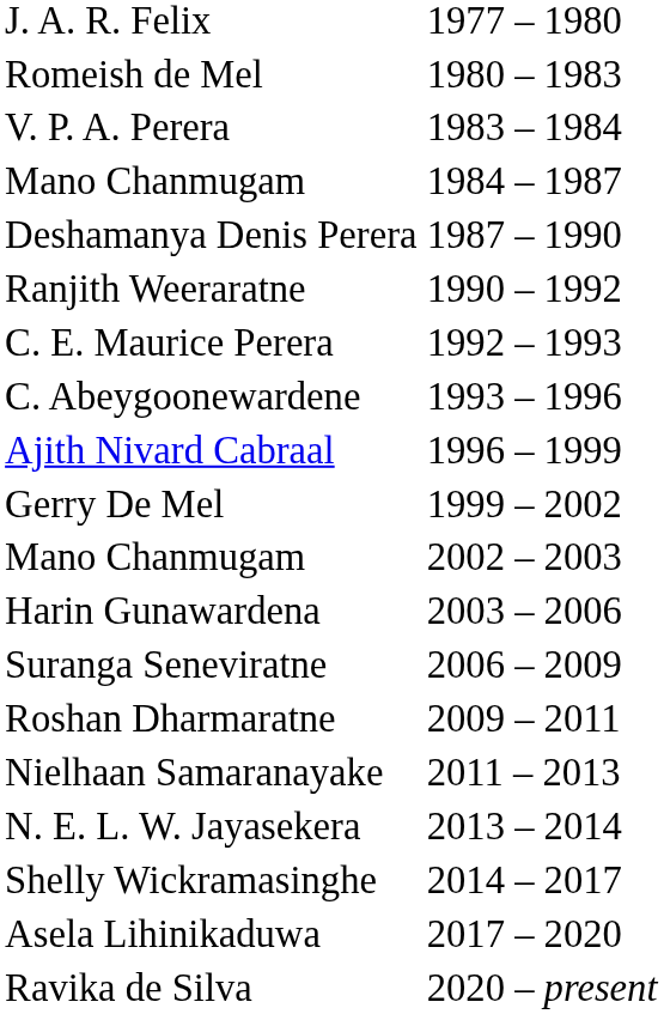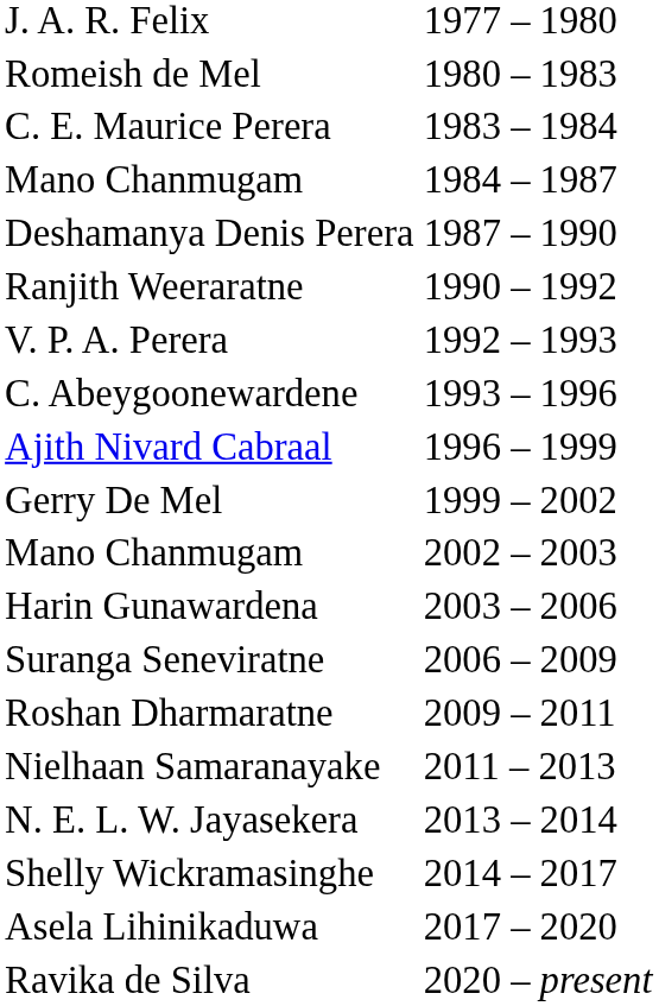 <table>
 <tr>
 <td>J. A. R. Felix</td>
 <td>1977 – 1980</td>
 </tr>
 <tr>
 <td>Romeish de Mel</td>
 <td>1980 – 1983</td>
 </tr>
 <tr>
-<td>V. P. A. Perera</td>
+<td>C. E. Maurice Perera</td>
 <td>1983 – 1984</td>
 </tr>
 <tr>
 <td>Mano Chanmugam</td>
 <td>1984 – 1987</td>
 </tr>
 <tr>
 <td>Deshamanya Denis Perera</td>
 <td>1987 – 1990</td>
 </tr>
 <tr>
 <td>Ranjith Weeraratne</td>
 <td>1990 – 1992</td>
 </tr>
 <tr>
-<td>C. E. Maurice Perera</td>
+<td>V. P. A. Perera</td>
 <td>1992 – 1993</td>
 </tr>
 <tr>
 <td>C. Abeygoonewardene</td>
 <td>1993 – 1996</td>
 </tr>
 <tr>
 <td><a href='#'>Ajith Nivard Cabraal</a></td>
 <td>1996 – 1999</td>
 </tr>
 <tr>
 <td>Gerry De Mel</td>
 <td>1999 – 2002</td>
 </tr>
 <tr>
 <td>Mano Chanmugam</td>
 <td>2002 – 2003</td>
 </tr>
 <tr>
 <td>Harin Gunawardena</td>
 <td>2003 – 2006</td>
 </tr>
 <tr>
 <td>Suranga Seneviratne</td>
 <td>2006 – 2009</td>
 </tr>
 <tr>
 <td>Roshan Dharmaratne</td>
 <td>2009 – 2011</td>
 </tr>
 <tr>
 <td>Nielhaan Samaranayake</td>
 <td>2011 – 2013</td>
 </tr>
 <tr>
 <td>N. E. L. W. Jayasekera</td>
 <td>2013 – 2014</td>
 </tr>
 <tr>
 <td>Shelly Wickramasinghe</td>
 <td>2014 – 2017</td>
 </tr>
 <tr>
 <td>Asela Lihinikaduwa</td>
 <td>2017 – 2020</td>
 </tr>
 <tr>
 <td>Ravika de Silva</td>
 <td>2020 – <em>present</em></td>
 </tr>
 </table>
